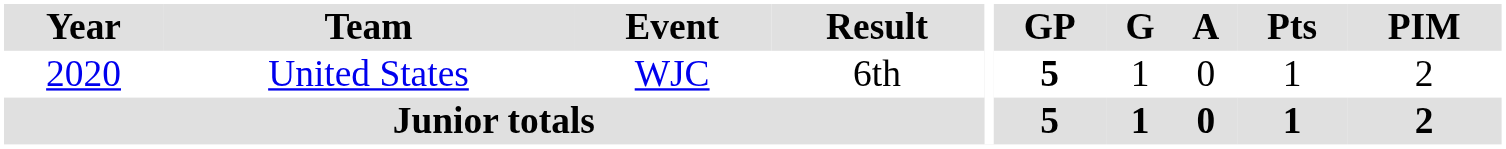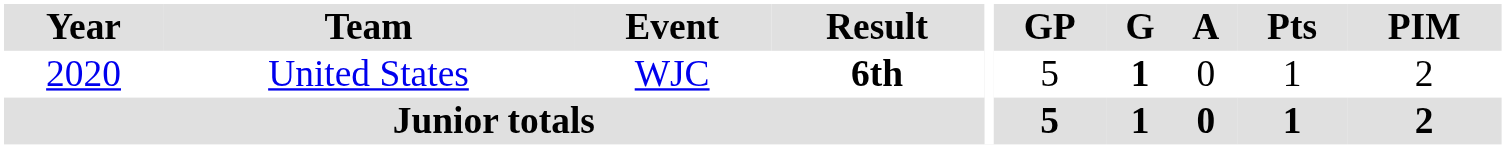 <table border="0" cellpadding="1" cellspacing="0" ID="Table3" style="text-align:center; width:40em">
 <tr ALIGN="center" bgcolor="#e0e0e0">
 <th>Year</th>
 <th>Team</th>
 <th>Event</th>
 <th>Result</th>
 <th rowspan="99" bgcolor="#ffffff"></th>
 <th>GP</th>
 <th>G</th>
 <th>A</th>
 <th>Pts</th>
 <th>PIM</th>
 </tr>
 <tr>
 <td><a href='#'>2020</a></td>
 <td><a href='#'>United States</a></td>
 <td><a href='#'>WJC</a></td>
-<td>6th</td>
-<td><strong>5</strong></td>
-<td>1</td>
+<td><strong>6th</strong></td>
+<td>5</td>
+<td><strong>1</strong></td>
 <td>0</td>
 <td>1</td>
 <td>2</td>
 </tr>
 <tr bgcolor="#e0e0e0">
 <th colspan="4">Junior totals</th>
 <th>5</th>
 <th>1</th>
 <th>0</th>
 <th>1</th>
 <th>2</th>
 </tr>
 </table>
